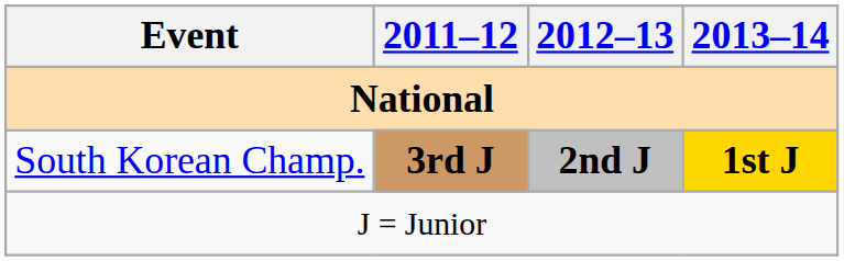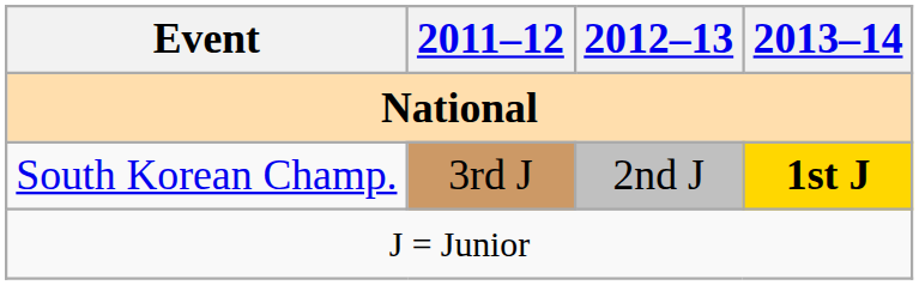 <table class="wikitable" style="text-align:center">
 <tr>
 <th>Event</th>
 <th><a href='#'>2011–12</a></th>
 <th><a href='#'>2012–13</a></th>
 <th><a href='#'>2013–14</a></th>
 </tr>
 <tr>
 <th colspan="4" style="background-color:#ffdead;" align="center">National</th>
 </tr>
 <tr>
 <td align=left><a href='#'>South Korean Champ.</a></td>
-<td bgcolor=cc9966><strong>3rd J</strong></td>
-<td bgcolor=silver><strong>2nd J</strong></td>
+<td bgcolor=cc9966>3rd J</td>
+<td bgcolor=silver>2nd J</td>
 <td bgcolor=gold><strong>1st J</strong></td>
 </tr>
 <tr>
 <td colspan="4" align="center"><small> J = Junior </small></td>
 </tr>
 </table>
